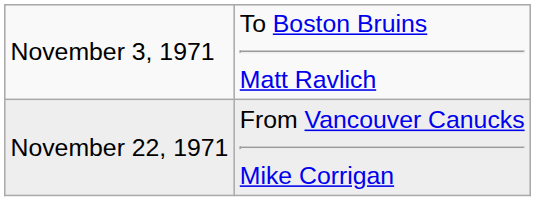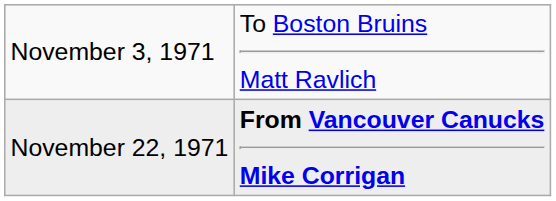 <table class="wikitable">
 <tr>
 <td>November 3, 1971</td>
 <td valign="top">To <a href='#'>Boston Bruins</a><hr><a href='#'>Matt Ravlich</a></td>
 </tr>
 <tr style="background:#eee;">
 <td>November 22, 1971</td>
-<td valign="top">From <a href='#'>Vancouver Canucks</a><hr><a href='#'>Mike Corrigan</a></td>
+<td valign="top"><strong>From <a href='#'>Vancouver Canucks</a><hr><a href='#'>Mike Corrigan</a></strong></td>
 </tr>
 </table>
